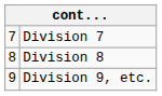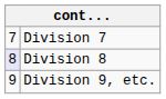 <table class="wikitable" style="font-size:85%">
 <tr>
 <th colspan=2>cont...</th>
 </tr>
 <tr>
 <td style="text-align: center;">7</td>
 <td>Division 7</td>
 </tr>
 <tr>
-<td style="text-align: center;">8</td>
+<td style="background: lavender; text-align: center;">8</td>
 <td>Division 8</td>
 </tr>
 <tr>
 <td style="text-align: center;">9</td>
 <td>Division 9, etc.</td>
 </tr>
 </table>
